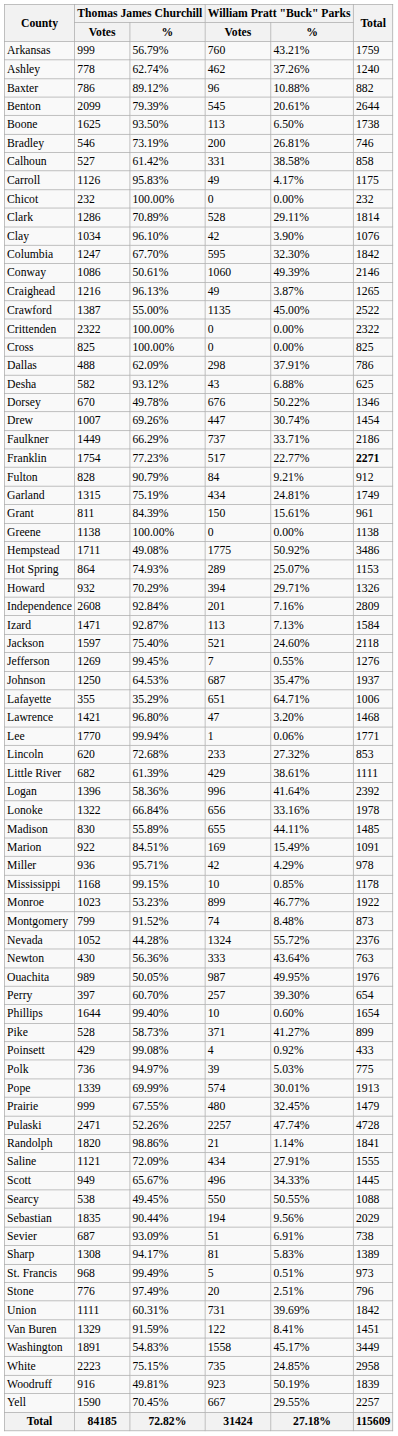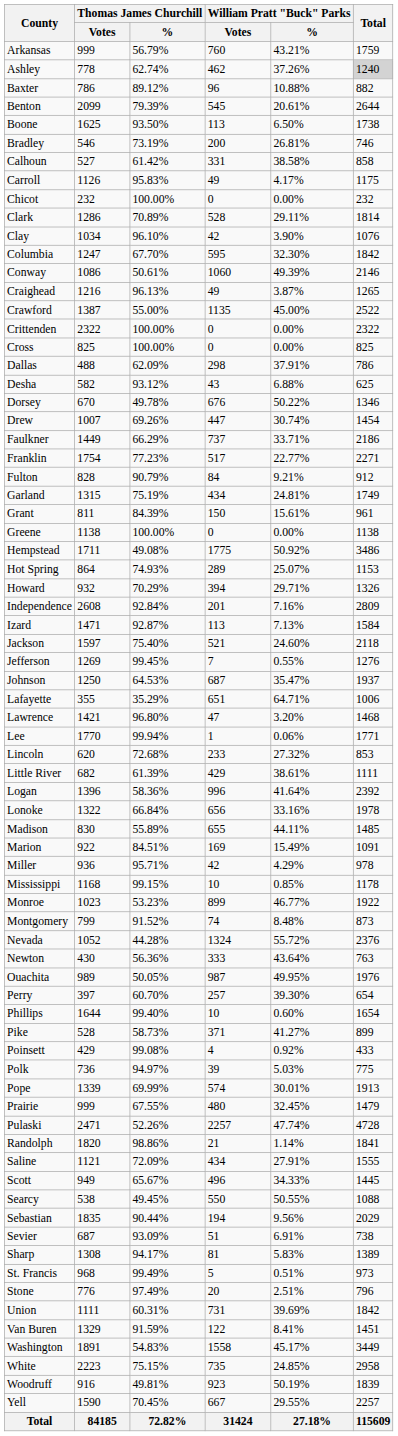 <table class="wikitable sortable mw-collapsible mw-collapsed">
 <tr>
 <th rowspan="2">County</th>
 <th colspan="2">Thomas James Churchill</th>
 <th colspan="2">William Pratt "Buck" Parks</th>
 <th rowspan="2">Total</th>
 </tr>
 <tr>
 <th>Votes</th>
 <th>%</th>
 <th>Votes</th>
 <th>%</th>
 </tr>
 <tr>
 <td>Arkansas</td>
 <td>999</td>
 <td>56.79%</td>
 <td>760</td>
 <td>43.21%</td>
 <td>1759</td>
 </tr>
 <tr>
 <td>Ashley</td>
 <td>778</td>
 <td>62.74%</td>
 <td>462</td>
 <td>37.26%</td>
-<td>1240</td>
+<td style="background: lightgrey;">1240</td>
 </tr>
 <tr>
 <td>Baxter</td>
 <td>786</td>
 <td>89.12%</td>
 <td>96</td>
 <td>10.88%</td>
 <td>882</td>
 </tr>
 <tr>
 <td>Benton</td>
 <td>2099</td>
 <td>79.39%</td>
 <td>545</td>
 <td>20.61%</td>
 <td>2644</td>
 </tr>
 <tr>
 <td>Boone</td>
 <td>1625</td>
 <td>93.50%</td>
 <td>113</td>
 <td>6.50%</td>
 <td>1738</td>
 </tr>
 <tr>
 <td>Bradley</td>
 <td>546</td>
 <td>73.19%</td>
 <td>200</td>
 <td>26.81%</td>
 <td>746</td>
 </tr>
 <tr>
 <td>Calhoun</td>
 <td>527</td>
 <td>61.42%</td>
 <td>331</td>
 <td>38.58%</td>
 <td>858</td>
 </tr>
 <tr>
 <td>Carroll</td>
 <td>1126</td>
 <td>95.83%</td>
 <td>49</td>
 <td>4.17%</td>
 <td>1175</td>
 </tr>
 <tr>
 <td>Chicot</td>
 <td>232</td>
 <td>100.00%</td>
 <td>0</td>
 <td>0.00%</td>
 <td>232</td>
 </tr>
 <tr>
 <td>Clark</td>
 <td>1286</td>
 <td>70.89%</td>
 <td>528</td>
 <td>29.11%</td>
 <td>1814</td>
 </tr>
 <tr>
 <td>Clay</td>
 <td>1034</td>
 <td>96.10%</td>
 <td>42</td>
 <td>3.90%</td>
 <td>1076</td>
 </tr>
 <tr>
 <td>Columbia</td>
 <td>1247</td>
 <td>67.70%</td>
 <td>595</td>
 <td>32.30%</td>
 <td>1842</td>
 </tr>
 <tr>
 <td>Conway</td>
 <td>1086</td>
 <td>50.61%</td>
 <td>1060</td>
 <td>49.39%</td>
 <td>2146</td>
 </tr>
 <tr>
 <td>Craighead</td>
 <td>1216</td>
 <td>96.13%</td>
 <td>49</td>
 <td>3.87%</td>
 <td>1265</td>
 </tr>
 <tr>
 <td>Crawford</td>
 <td>1387</td>
 <td>55.00%</td>
 <td>1135</td>
 <td>45.00%</td>
 <td>2522</td>
 </tr>
 <tr>
 <td>Crittenden</td>
 <td>2322</td>
 <td>100.00%</td>
 <td>0</td>
 <td>0.00%</td>
 <td>2322</td>
 </tr>
 <tr>
 <td>Cross</td>
 <td>825</td>
 <td>100.00%</td>
 <td>0</td>
 <td>0.00%</td>
 <td>825</td>
 </tr>
 <tr>
 <td>Dallas</td>
 <td>488</td>
 <td>62.09%</td>
 <td>298</td>
 <td>37.91%</td>
 <td>786</td>
 </tr>
 <tr>
 <td>Desha</td>
 <td>582</td>
 <td>93.12%</td>
 <td>43</td>
 <td>6.88%</td>
 <td>625</td>
 </tr>
 <tr>
 <td>Dorsey</td>
 <td>670</td>
 <td>49.78%</td>
 <td>676</td>
 <td>50.22%</td>
 <td>1346</td>
 </tr>
 <tr>
 <td>Drew</td>
 <td>1007</td>
 <td>69.26%</td>
 <td>447</td>
 <td>30.74%</td>
 <td>1454</td>
 </tr>
 <tr>
 <td>Faulkner</td>
 <td>1449</td>
 <td>66.29%</td>
 <td>737</td>
 <td>33.71%</td>
 <td>2186</td>
 </tr>
 <tr>
 <td>Franklin</td>
 <td>1754</td>
 <td>77.23%</td>
 <td>517</td>
 <td>22.77%</td>
-<td><strong>2271</strong></td>
+<td>2271</td>
 </tr>
 <tr>
 <td>Fulton</td>
 <td>828</td>
 <td>90.79%</td>
 <td>84</td>
 <td>9.21%</td>
 <td>912</td>
 </tr>
 <tr>
 <td>Garland</td>
 <td>1315</td>
 <td>75.19%</td>
 <td>434</td>
 <td>24.81%</td>
 <td>1749</td>
 </tr>
 <tr>
 <td>Grant</td>
 <td>811</td>
 <td>84.39%</td>
 <td>150</td>
 <td>15.61%</td>
 <td>961</td>
 </tr>
 <tr>
 <td>Greene</td>
 <td>1138</td>
 <td>100.00%</td>
 <td>0</td>
 <td>0.00%</td>
 <td>1138</td>
 </tr>
 <tr>
 <td>Hempstead</td>
 <td>1711</td>
 <td>49.08%</td>
 <td>1775</td>
 <td>50.92%</td>
 <td>3486</td>
 </tr>
 <tr>
 <td>Hot Spring</td>
 <td>864</td>
 <td>74.93%</td>
 <td>289</td>
 <td>25.07%</td>
 <td>1153</td>
 </tr>
 <tr>
 <td>Howard</td>
 <td>932</td>
 <td>70.29%</td>
 <td>394</td>
 <td>29.71%</td>
 <td>1326</td>
 </tr>
 <tr>
 <td>Independence</td>
 <td>2608</td>
 <td>92.84%</td>
 <td>201</td>
 <td>7.16%</td>
 <td>2809</td>
 </tr>
 <tr>
 <td>Izard</td>
 <td>1471</td>
 <td>92.87%</td>
 <td>113</td>
 <td>7.13%</td>
 <td>1584</td>
 </tr>
 <tr>
 <td>Jackson</td>
 <td>1597</td>
 <td>75.40%</td>
 <td>521</td>
 <td>24.60%</td>
 <td>2118</td>
 </tr>
 <tr>
 <td>Jefferson</td>
 <td>1269</td>
 <td>99.45%</td>
 <td>7</td>
 <td>0.55%</td>
 <td>1276</td>
 </tr>
 <tr>
 <td>Johnson</td>
 <td>1250</td>
 <td>64.53%</td>
 <td>687</td>
 <td>35.47%</td>
 <td>1937</td>
 </tr>
 <tr>
 <td>Lafayette</td>
 <td>355</td>
 <td>35.29%</td>
 <td>651</td>
 <td>64.71%</td>
 <td>1006</td>
 </tr>
 <tr>
 <td>Lawrence</td>
 <td>1421</td>
 <td>96.80%</td>
 <td>47</td>
 <td>3.20%</td>
 <td>1468</td>
 </tr>
 <tr>
 <td>Lee</td>
 <td>1770</td>
 <td>99.94%</td>
 <td>1</td>
 <td>0.06%</td>
 <td>1771</td>
 </tr>
 <tr>
 <td>Lincoln</td>
 <td>620</td>
 <td>72.68%</td>
 <td>233</td>
 <td>27.32%</td>
 <td>853</td>
 </tr>
 <tr>
 <td>Little River</td>
 <td>682</td>
 <td>61.39%</td>
 <td>429</td>
 <td>38.61%</td>
 <td>1111</td>
 </tr>
 <tr>
 <td>Logan</td>
 <td>1396</td>
 <td>58.36%</td>
 <td>996</td>
 <td>41.64%</td>
 <td>2392</td>
 </tr>
 <tr>
 <td>Lonoke</td>
 <td>1322</td>
 <td>66.84%</td>
 <td>656</td>
 <td>33.16%</td>
 <td>1978</td>
 </tr>
 <tr>
 <td>Madison</td>
 <td>830</td>
 <td>55.89%</td>
 <td>655</td>
 <td>44.11%</td>
 <td>1485</td>
 </tr>
 <tr>
 <td>Marion</td>
 <td>922</td>
 <td>84.51%</td>
 <td>169</td>
 <td>15.49%</td>
 <td>1091</td>
 </tr>
 <tr>
 <td>Miller</td>
 <td>936</td>
 <td>95.71%</td>
 <td>42</td>
 <td>4.29%</td>
 <td>978</td>
 </tr>
 <tr>
 <td>Mississippi</td>
 <td>1168</td>
 <td>99.15%</td>
 <td>10</td>
 <td>0.85%</td>
 <td>1178</td>
 </tr>
 <tr>
 <td>Monroe</td>
 <td>1023</td>
 <td>53.23%</td>
 <td>899</td>
 <td>46.77%</td>
 <td>1922</td>
 </tr>
 <tr>
 <td>Montgomery</td>
 <td>799</td>
 <td>91.52%</td>
 <td>74</td>
 <td>8.48%</td>
 <td>873</td>
 </tr>
 <tr>
 <td>Nevada</td>
 <td>1052</td>
 <td>44.28%</td>
 <td>1324</td>
 <td>55.72%</td>
 <td>2376</td>
 </tr>
 <tr>
 <td>Newton</td>
 <td>430</td>
 <td>56.36%</td>
 <td>333</td>
 <td>43.64%</td>
 <td>763</td>
 </tr>
 <tr>
 <td>Ouachita</td>
 <td>989</td>
 <td>50.05%</td>
 <td>987</td>
 <td>49.95%</td>
 <td>1976</td>
 </tr>
 <tr>
 <td>Perry</td>
 <td>397</td>
 <td>60.70%</td>
 <td>257</td>
 <td>39.30%</td>
 <td>654</td>
 </tr>
 <tr>
 <td>Phillips</td>
 <td>1644</td>
 <td>99.40%</td>
 <td>10</td>
 <td>0.60%</td>
 <td>1654</td>
 </tr>
 <tr>
 <td>Pike</td>
 <td>528</td>
 <td>58.73%</td>
 <td>371</td>
 <td>41.27%</td>
 <td>899</td>
 </tr>
 <tr>
 <td>Poinsett</td>
 <td>429</td>
 <td>99.08%</td>
 <td>4</td>
 <td>0.92%</td>
 <td>433</td>
 </tr>
 <tr>
 <td>Polk</td>
 <td>736</td>
 <td>94.97%</td>
 <td>39</td>
 <td>5.03%</td>
 <td>775</td>
 </tr>
 <tr>
 <td>Pope</td>
 <td>1339</td>
 <td>69.99%</td>
 <td>574</td>
 <td>30.01%</td>
 <td>1913</td>
 </tr>
 <tr>
 <td>Prairie</td>
 <td>999</td>
 <td>67.55%</td>
 <td>480</td>
 <td>32.45%</td>
 <td>1479</td>
 </tr>
 <tr>
 <td>Pulaski</td>
 <td>2471</td>
 <td>52.26%</td>
 <td>2257</td>
 <td>47.74%</td>
 <td>4728</td>
 </tr>
 <tr>
 <td>Randolph</td>
 <td>1820</td>
 <td>98.86%</td>
 <td>21</td>
 <td>1.14%</td>
 <td>1841</td>
 </tr>
 <tr>
 <td>Saline</td>
 <td>1121</td>
 <td>72.09%</td>
 <td>434</td>
 <td>27.91%</td>
 <td>1555</td>
 </tr>
 <tr>
 <td>Scott</td>
 <td>949</td>
 <td>65.67%</td>
 <td>496</td>
 <td>34.33%</td>
 <td>1445</td>
 </tr>
 <tr>
 <td>Searcy</td>
 <td>538</td>
 <td>49.45%</td>
 <td>550</td>
 <td>50.55%</td>
 <td>1088</td>
 </tr>
 <tr>
 <td>Sebastian</td>
 <td>1835</td>
 <td>90.44%</td>
 <td>194</td>
 <td>9.56%</td>
 <td>2029</td>
 </tr>
 <tr>
 <td>Sevier</td>
 <td>687</td>
 <td>93.09%</td>
 <td>51</td>
 <td>6.91%</td>
 <td>738</td>
 </tr>
 <tr>
 <td>Sharp</td>
 <td>1308</td>
 <td>94.17%</td>
 <td>81</td>
 <td>5.83%</td>
 <td>1389</td>
 </tr>
 <tr>
 <td>St. Francis</td>
 <td>968</td>
 <td>99.49%</td>
 <td>5</td>
 <td>0.51%</td>
 <td>973</td>
 </tr>
 <tr>
 <td>Stone</td>
 <td>776</td>
 <td>97.49%</td>
 <td>20</td>
 <td>2.51%</td>
 <td>796</td>
 </tr>
 <tr>
 <td>Union</td>
 <td>1111</td>
 <td>60.31%</td>
 <td>731</td>
 <td>39.69%</td>
 <td>1842</td>
 </tr>
 <tr>
 <td>Van Buren</td>
 <td>1329</td>
 <td>91.59%</td>
 <td>122</td>
 <td>8.41%</td>
 <td>1451</td>
 </tr>
 <tr>
 <td>Washington</td>
 <td>1891</td>
 <td>54.83%</td>
 <td>1558</td>
 <td>45.17%</td>
 <td>3449</td>
 </tr>
 <tr>
 <td>White</td>
 <td>2223</td>
 <td>75.15%</td>
 <td>735</td>
 <td>24.85%</td>
 <td>2958</td>
 </tr>
 <tr>
 <td>Woodruff</td>
 <td>916</td>
 <td>49.81%</td>
 <td>923</td>
 <td>50.19%</td>
 <td>1839</td>
 </tr>
 <tr>
 <td>Yell</td>
 <td>1590</td>
 <td>70.45%</td>
 <td>667</td>
 <td>29.55%</td>
 <td>2257</td>
 </tr>
 <tr>
 <th>Total</th>
 <th>84185</th>
 <th>72.82%</th>
 <th>31424</th>
 <th>27.18%</th>
 <th>115609</th>
 </tr>
 </table>
